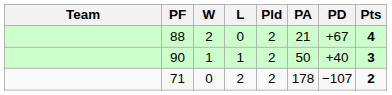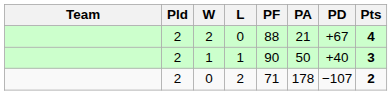 <table class=wikitable style="text-align:center">
 <tr>
 <th width=180>Team</th>
-<th width=30>PF</th>
+<th width=30>Pld</th>
 <th width=30>W</th>
 <th width=30>L</th>
-<th width=30>Pld</th>
+<th width=30>PF</th>
 <th width=30>PA</th>
 <th width=30>PD</th>
 <th width=30>Pts</th>
 </tr>
 <tr align=center bgcolor="#ccffcc">
 <td align=left></td>
-<td>88</td>
+<td>2</td>
 <td>2</td>
 <td>0</td>
-<td>2</td>
+<td>88</td>
 <td>21</td>
 <td>+67</td>
 <td><strong>4</strong></td>
 </tr>
 <tr align=center bgcolor="#ccffcc">
 <td align=left></td>
-<td>90</td>
+<td>2</td>
 <td>1</td>
 <td>1</td>
-<td>2</td>
+<td>90</td>
 <td>50</td>
 <td>+40</td>
 <td><strong>3</strong></td>
 </tr>
 <tr align=center>
 <td align=left></td>
-<td>71</td>
+<td>2</td>
 <td>0</td>
 <td>2</td>
-<td>2</td>
+<td>71</td>
 <td>178</td>
 <td>−107</td>
 <td><strong>2</strong></td>
 </tr>
 </table>
